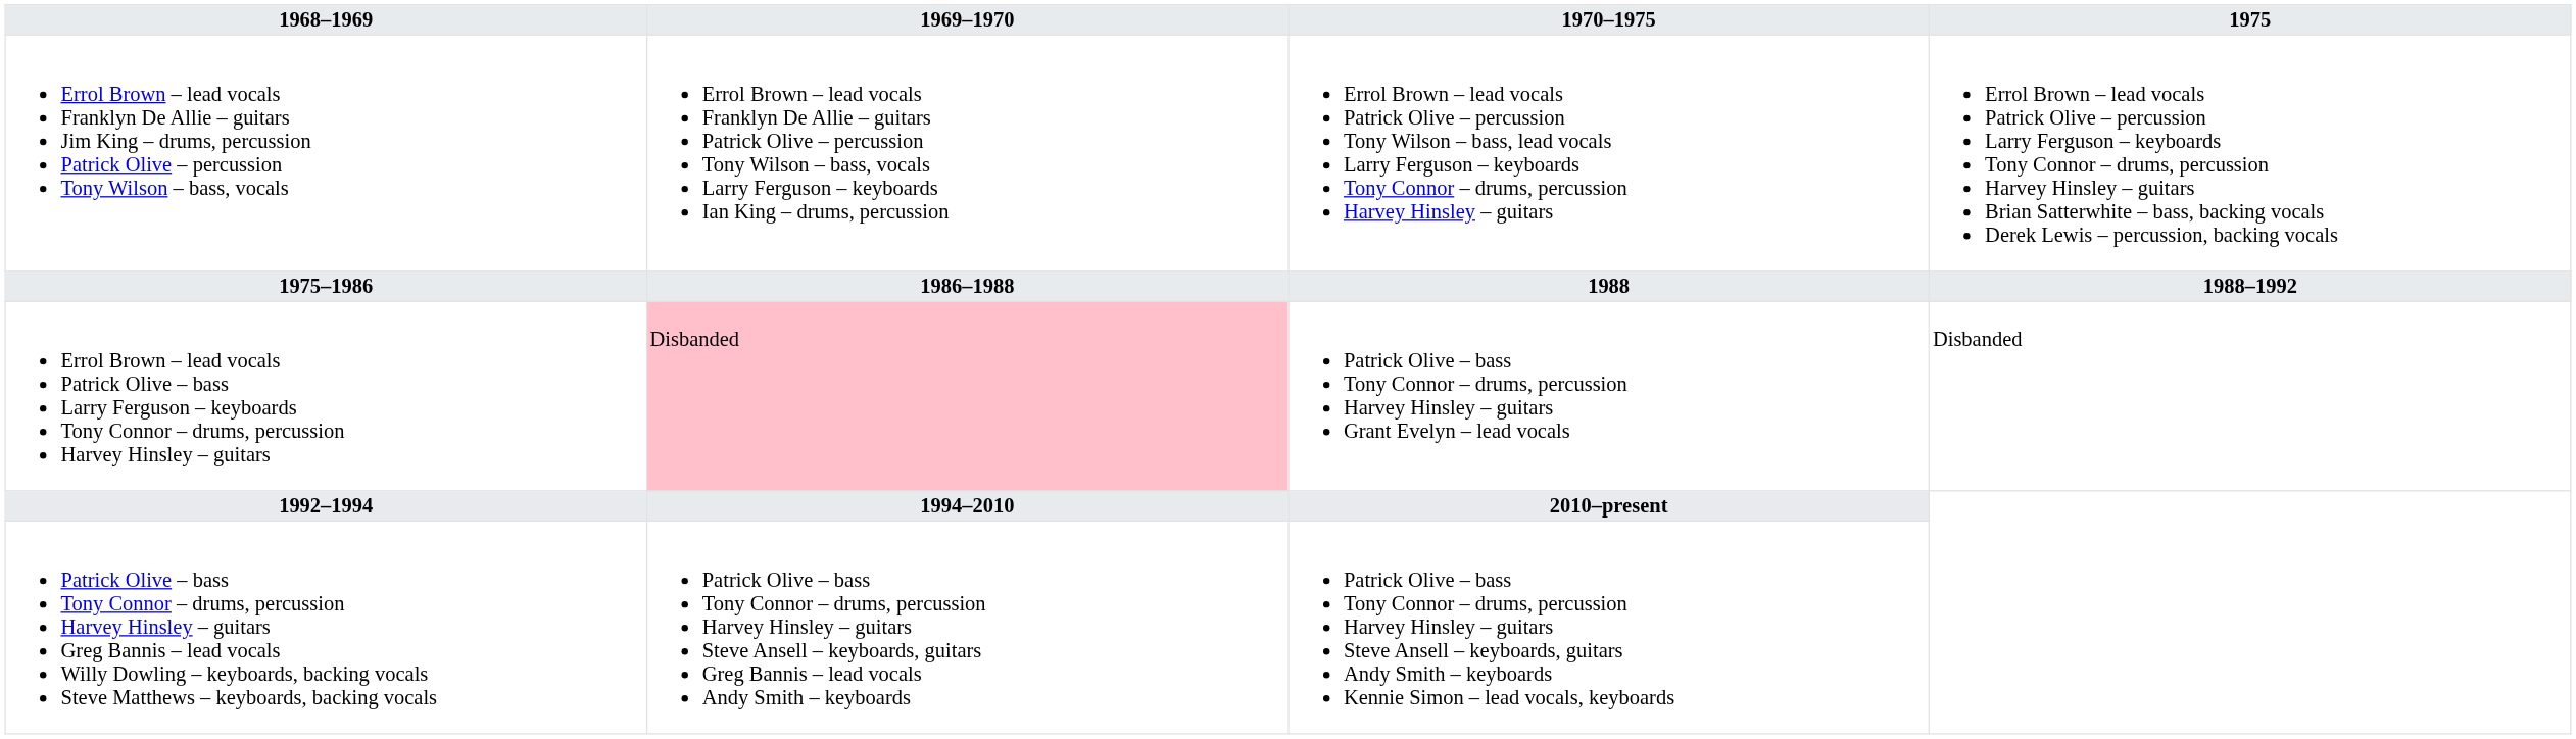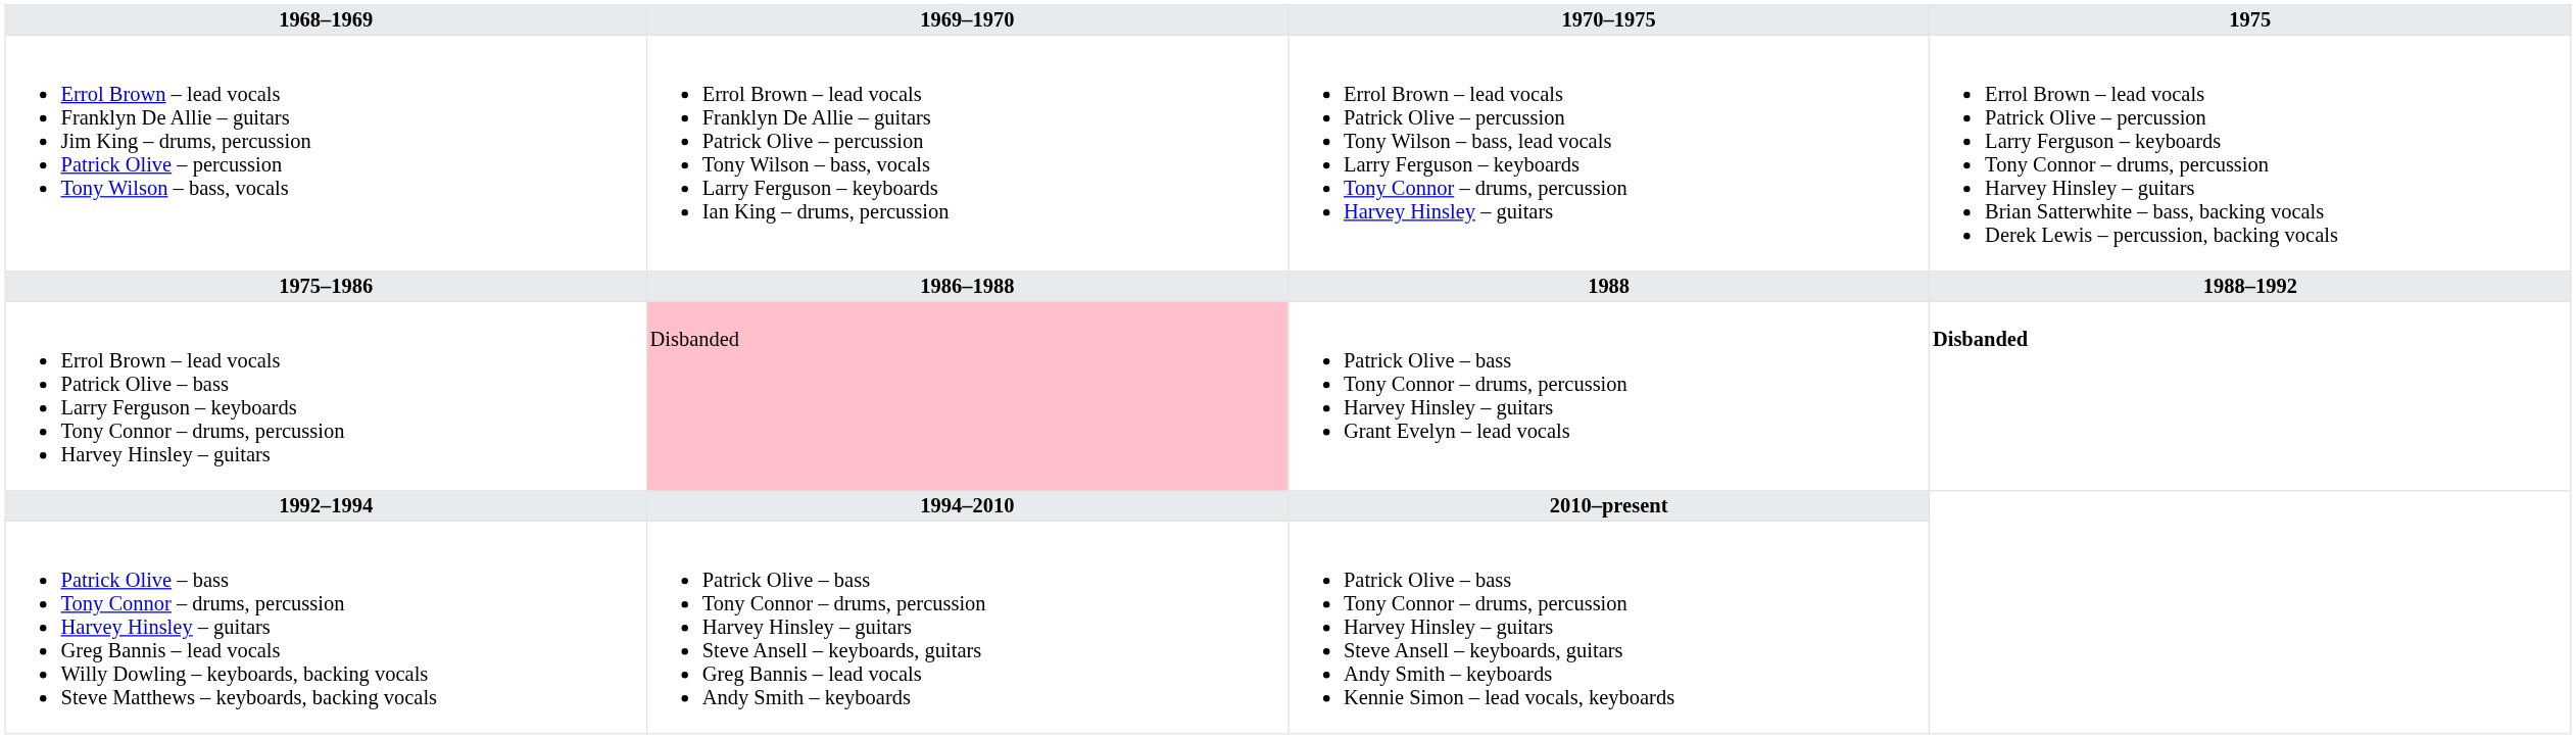 <table class="toccolours" border="1" cellpadding="2" cellspacing="0"  style="float:width:375px; margin:0 0 1em 1em; border-collapse:collapse; border:1px solid #e2e2e2; width:99%;">
 <tr>
 <th style="vertical-align:top; background:#e7ebee; width:25%;">1968–1969</th>
 <th style="vertical-align:top; background:#e7ebee; width:25%;">1969–1970</th>
 <th style="vertical-align:top; background:#e7ebee; width:25%;">1970–1975</th>
 <th style="vertical-align:top; background:#e7ebee; width:25%;">1975</th>
 </tr>
 <tr>
 <td valign=top><br><ul><li><a href='#'>Errol Brown</a> – lead vocals</li><li>Franklyn De Allie – guitars</li><li>Jim King – drums, percussion</li><li><a href='#'>Patrick Olive</a> – percussion</li><li><a href='#'>Tony Wilson</a> – bass, vocals</li></ul></td>
 <td valign=top><br><ul><li>Errol Brown – lead vocals</li><li>Franklyn De Allie – guitars</li><li>Patrick Olive – percussion</li><li>Tony Wilson – bass, vocals</li><li>Larry Ferguson – keyboards</li><li>Ian King – drums, percussion</li></ul></td>
 <td valign=top><br><ul><li>Errol Brown – lead vocals</li><li>Patrick Olive – percussion</li><li>Tony Wilson – bass, lead vocals</li><li>Larry Ferguson – keyboards</li><li><a href='#'>Tony Connor</a> – drums, percussion</li><li><a href='#'>Harvey Hinsley</a> – guitars</li></ul></td>
 <td valign=top><br><ul><li>Errol Brown – lead vocals</li><li>Patrick Olive – percussion</li><li>Larry Ferguson – keyboards</li><li>Tony Connor – drums, percussion</li><li>Harvey Hinsley – guitars</li><li>Brian Satterwhite – bass, backing vocals</li><li>Derek Lewis – percussion, backing vocals</li></ul></td>
 </tr>
 <tr>
 <th style="vertical-align:top; background:#e7ebee; width:25%;">1975–1986</th>
 <th style="vertical-align:top; background:#e7ebee; width:25%;">1986–1988</th>
 <th style="vertical-align:top; background:#e7ebee; width:25%;">1988</th>
 <th style="vertical-align:top; background:#e7ebee; width:25%;">1988–1992</th>
 </tr>
 <tr>
 <td valign=top><br><ul><li>Errol Brown – lead vocals</li><li>Patrick Olive – bass</li><li>Larry Ferguson – keyboards</li><li>Tony Connor – drums, percussion</li><li>Harvey Hinsley – guitars</li></ul></td>
 <td valign=top style="background: pink;"><br>Disbanded</td>
 <td valign=top><br><ul><li>Patrick Olive – bass</li><li>Tony Connor – drums, percussion</li><li>Harvey Hinsley – guitars</li><li>Grant Evelyn – lead vocals</li></ul></td>
-<td valign=top><br>Disbanded</td>
+<td valign=top><strong><br>Disbanded</strong></td>
 </tr>
 <tr>
 <th style="vertical-align:top; background:#e7ebee; width:25%;">1992–1994</th>
 <th style="vertical-align:top; background:#e7ebee; width:25%;">1994–2010</th>
 <th style="vertical-align:top; background:#e7ebee; width:25%;">2010–present</th>
 </tr>
 <tr>
 <td valign=top><br><ul><li><a href='#'>Patrick Olive</a> – bass</li><li><a href='#'>Tony Connor</a> – drums, percussion</li><li><a href='#'>Harvey Hinsley</a> – guitars</li><li>Greg Bannis – lead vocals</li><li>Willy Dowling – keyboards, backing vocals</li><li>Steve Matthews – keyboards, backing vocals</li></ul></td>
 <td valign=top><br><ul><li>Patrick Olive – bass</li><li>Tony Connor – drums, percussion</li><li>Harvey Hinsley – guitars</li><li>Steve Ansell – keyboards, guitars</li><li>Greg Bannis – lead vocals</li><li>Andy Smith – keyboards</li></ul></td>
 <td valign=top><br><ul><li>Patrick Olive – bass</li><li>Tony Connor – drums, percussion</li><li>Harvey Hinsley – guitars</li><li>Steve Ansell – keyboards, guitars</li><li>Andy Smith – keyboards</li><li>Kennie Simon – lead vocals, keyboards</li></ul></td>
 </tr>
 </table>
